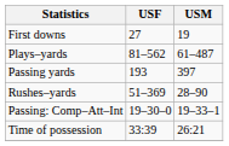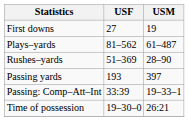 <table class="wikitable" style="float: left;">
 <tr>
 <th>Statistics</th>
 <th>USF</th>
 <th>USM</th>
 </tr>
 <tr>
 <td>First downs</td>
 <td>27</td>
 <td>19</td>
 </tr>
 <tr>
 <td>Plays–yards</td>
 <td>81–562</td>
 <td>61–487</td>
 </tr>
 <tr>
+<td>Rushes–yards</td>
+<td>51–369</td>
+<td>28–90</td>
+</tr>
+<tr>
 <td>Passing yards</td>
 <td>193</td>
 <td>397</td>
 </tr>
 <tr>
-<td>Rushes–yards</td>
-<td>51–369</td>
-<td>28–90</td>
-</tr>
-<tr>
 <td>Passing: Comp–Att–Int</td>
-<td>19–30–0</td>
+<td>33:39</td>
 <td>19–33–1</td>
 </tr>
 <tr>
 <td>Time of possession</td>
-<td>33:39</td>
+<td>19–30–0</td>
 <td>26:21</td>
 </tr>
 <tr>
 </tr>
 </table>
